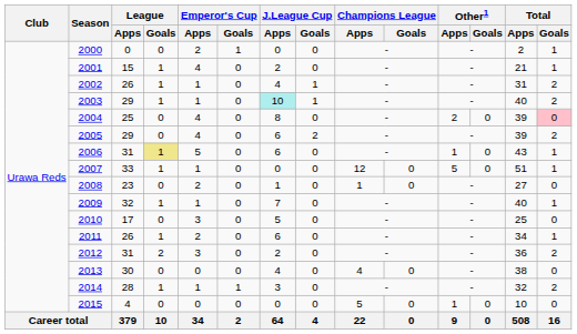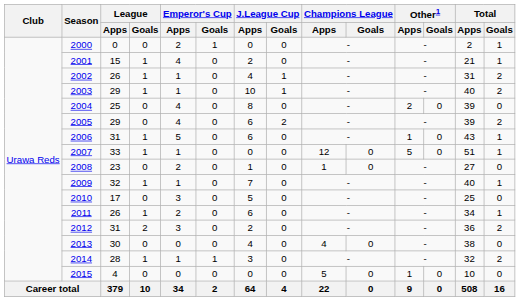 <table class="wikitable" style="font-size:90%; text-align:center;">
 <tr>
 <th rowspan="2">Club</th>
 <th rowspan="2">Season</th>
 <th colspan="2">League</th>
 <th colspan="2"><a href='#'>Emperor's Cup</a></th>
 <th colspan="2"><a href='#'>J.League Cup</a></th>
 <th colspan="2"><a href='#'>Champions League</a></th>
 <th colspan="2">Other<sup><a href='#'>1</a></sup></th>
 <th colspan="2">Total</th>
 </tr>
 <tr>
 <th>Apps</th>
 <th>Goals</th>
 <th>Apps</th>
 <th>Goals</th>
 <th>Apps</th>
 <th>Goals</th>
 <th>Apps</th>
 <th>Goals</th>
 <th>Apps</th>
 <th>Goals</th>
 <th>Apps</th>
 <th>Goals</th>
 </tr>
 <tr>
 <td rowspan="16"><a href='#'>Urawa Reds</a></td>
 <td><a href='#'>2000</a></td>
 <td>0</td>
 <td>0</td>
 <td>2</td>
 <td>1</td>
 <td>0</td>
 <td>0</td>
 <td colspan="2">-</td>
 <td colspan="2">-</td>
 <td>2</td>
 <td>1</td>
 </tr>
 <tr>
 <td><a href='#'>2001</a></td>
 <td>15</td>
 <td>1</td>
 <td>4</td>
 <td>0</td>
 <td>2</td>
 <td>0</td>
 <td colspan="2">-</td>
 <td colspan="2">-</td>
 <td>21</td>
 <td>1</td>
 </tr>
 <tr>
 <td><a href='#'>2002</a></td>
 <td>26</td>
 <td>1</td>
 <td>1</td>
 <td>0</td>
 <td>4</td>
 <td>1</td>
 <td colspan="2">-</td>
 <td colspan="2">-</td>
 <td>31</td>
 <td>2</td>
 </tr>
 <tr>
 <td><a href='#'>2003</a></td>
 <td>29</td>
 <td>1</td>
 <td>1</td>
 <td>0</td>
-<td style="background: paleturquoise;">10</td>
+<td>10</td>
 <td>1</td>
 <td colspan="2">-</td>
 <td colspan="2">-</td>
 <td>40</td>
 <td>2</td>
 </tr>
 <tr>
 <td><a href='#'>2004</a></td>
 <td>25</td>
 <td>0</td>
 <td>4</td>
 <td>0</td>
 <td>8</td>
 <td>0</td>
 <td colspan="2">-</td>
 <td>2</td>
 <td>0</td>
 <td>39</td>
-<td style="background: pink;">0</td>
+<td>0</td>
 </tr>
 <tr>
 <td><a href='#'>2005</a></td>
 <td>29</td>
 <td>0</td>
 <td>4</td>
 <td>0</td>
 <td>6</td>
 <td>2</td>
 <td colspan="2">-</td>
 <td colspan="2">-</td>
 <td>39</td>
 <td>2</td>
 </tr>
 <tr>
 <td><a href='#'>2006</a></td>
 <td>31</td>
-<td style="background: khaki;">1</td>
+<td>1</td>
 <td>5</td>
 <td>0</td>
 <td>6</td>
 <td>0</td>
 <td colspan="2">-</td>
 <td>1</td>
 <td>0</td>
 <td>43</td>
 <td>1</td>
 </tr>
 <tr>
 <td><a href='#'>2007</a></td>
 <td>33</td>
 <td>1</td>
 <td>1</td>
 <td>0</td>
 <td>0</td>
 <td>0</td>
 <td>12</td>
 <td>0</td>
 <td>5</td>
 <td>0</td>
 <td>51</td>
 <td>1</td>
 </tr>
 <tr>
 <td><a href='#'>2008</a></td>
 <td>23</td>
 <td>0</td>
 <td>2</td>
 <td>0</td>
 <td>1</td>
 <td>0</td>
 <td>1</td>
 <td>0</td>
 <td colspan="2">-</td>
 <td>27</td>
 <td>0</td>
 </tr>
 <tr>
 <td><a href='#'>2009</a></td>
 <td>32</td>
 <td>1</td>
 <td>1</td>
 <td>0</td>
 <td>7</td>
 <td>0</td>
 <td colspan="2">-</td>
 <td colspan="2">-</td>
 <td>40</td>
 <td>1</td>
 </tr>
 <tr>
 <td><a href='#'>2010</a></td>
 <td>17</td>
 <td>0</td>
 <td>3</td>
 <td>0</td>
 <td>5</td>
 <td>0</td>
 <td colspan="2">-</td>
 <td colspan="2">-</td>
 <td>25</td>
 <td>0</td>
 </tr>
 <tr>
 <td><a href='#'>2011</a></td>
 <td>26</td>
 <td>1</td>
 <td>2</td>
 <td>0</td>
 <td>6</td>
 <td>0</td>
 <td colspan="2">-</td>
 <td colspan="2">-</td>
 <td>34</td>
 <td>1</td>
 </tr>
 <tr>
 <td><a href='#'>2012</a></td>
 <td>31</td>
 <td>2</td>
 <td>3</td>
 <td>0</td>
 <td>2</td>
 <td>0</td>
 <td colspan="2">-</td>
 <td colspan="2">-</td>
 <td>36</td>
 <td>2</td>
 </tr>
 <tr>
 <td><a href='#'>2013</a></td>
 <td>30</td>
 <td>0</td>
 <td>0</td>
 <td>0</td>
 <td>4</td>
 <td>0</td>
 <td>4</td>
 <td>0</td>
 <td colspan="2">-</td>
 <td>38</td>
 <td>0</td>
 </tr>
 <tr>
 <td><a href='#'>2014</a></td>
 <td>28</td>
 <td>1</td>
 <td>1</td>
 <td>1</td>
 <td>3</td>
 <td>0</td>
 <td colspan="2">-</td>
 <td colspan="2">-</td>
 <td>32</td>
 <td>2</td>
 </tr>
 <tr>
 <td><a href='#'>2015</a></td>
 <td>4</td>
 <td>0</td>
 <td>0</td>
 <td>0</td>
 <td>0</td>
 <td>0</td>
 <td>5</td>
 <td>0</td>
 <td>1</td>
 <td>0</td>
 <td>10</td>
 <td>0</td>
 </tr>
 <tr>
 <th colspan="2">Career total</th>
 <th>379</th>
 <th>10</th>
 <th>34</th>
 <th>2</th>
 <th>64</th>
 <th>4</th>
 <th>22</th>
 <th>0</th>
 <th>9</th>
 <th>0</th>
 <th>508</th>
 <th>16</th>
 </tr>
 </table>
